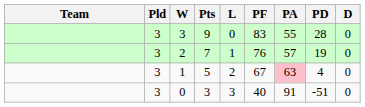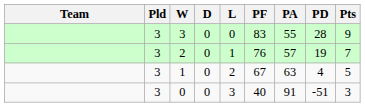 <table class="wikitable" style="text-align:center;">
 <tr>
 <th width=175>Team</th>
 <th width=25 abbr="Played">Pld</th>
 <th width=25 abbr="Won">W</th>
-<th width=25 abbr="Points">Pts</th>
+<th width=25 abbr="Drawn">D</th>
 <th width=25 abbr="Lost">L</th>
 <th width=32 abbr="Points for">PF</th>
 <th width=32 abbr="Points against">PA</th>
 <th width=32 abbr="Points difference">PD</th>
-<th width=25 abbr="Drawn">D</th>
+<th width=25 abbr="Points">Pts</th>
 </tr>
 <tr bgcolor="#ccffcc">
 <td align=left></td>
 <td>3</td>
 <td>3</td>
-<td>9</td>
+<td>0</td>
 <td>0</td>
 <td>83</td>
 <td>55</td>
 <td>28</td>
-<td>0</td>
+<td>9</td>
 </tr>
 <tr bgcolor="#ccffcc">
 <td align=left></td>
 <td>3</td>
 <td>2</td>
-<td>7</td>
+<td>0</td>
 <td>1</td>
 <td>76</td>
 <td>57</td>
 <td>19</td>
-<td>0</td>
+<td>7</td>
 </tr>
 <tr>
 <td align=left></td>
 <td>3</td>
 <td>1</td>
-<td>5</td>
+<td>0</td>
 <td>2</td>
 <td>67</td>
-<td style="background: pink;">63</td>
+<td>63</td>
 <td>4</td>
-<td>0</td>
+<td>5</td>
 </tr>
 <tr>
 <td align=left></td>
 <td>3</td>
 <td>0</td>
-<td>3</td>
+<td>0</td>
 <td>3</td>
 <td>40</td>
 <td>91</td>
 <td>-51</td>
-<td>0</td>
+<td>3</td>
 </tr>
 </table>
